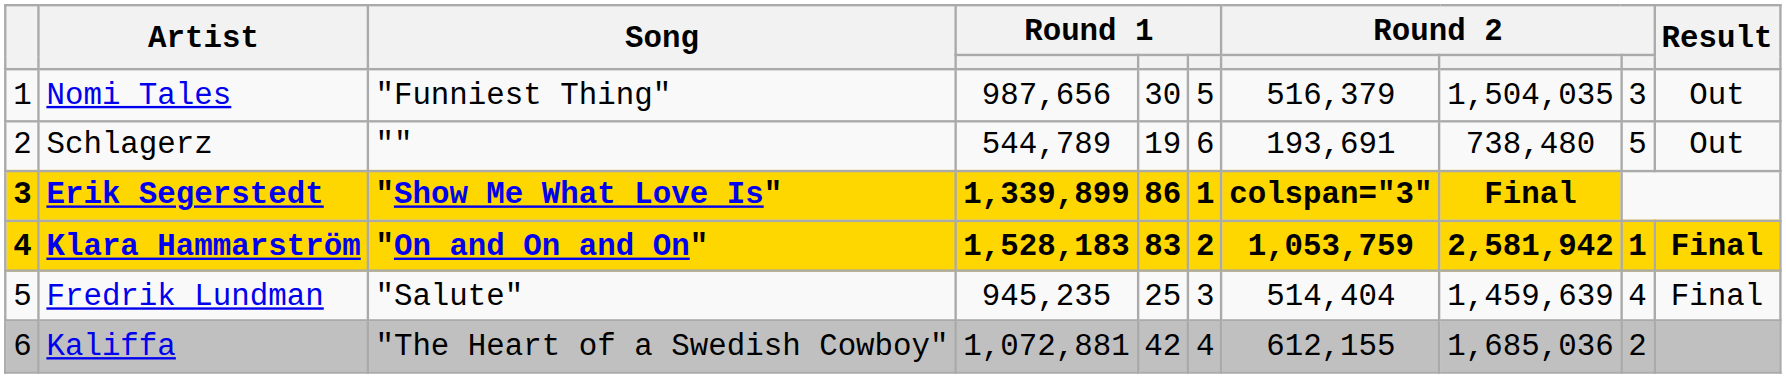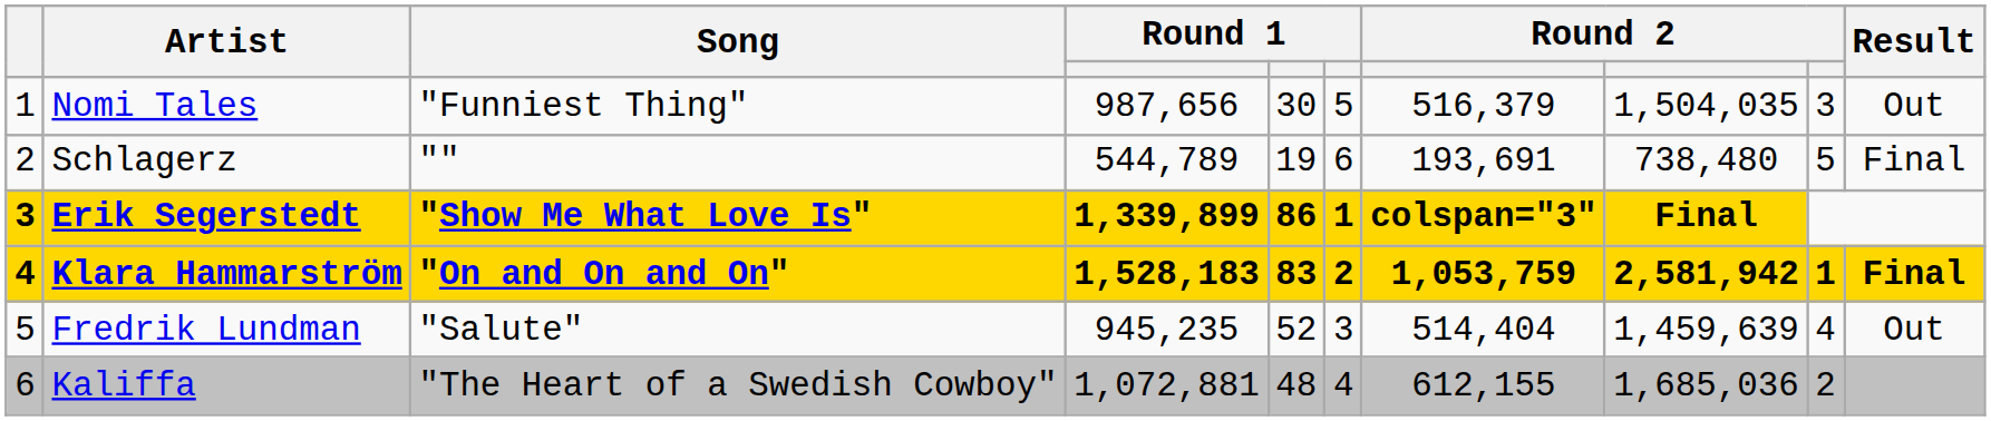 <table class="sortable wikitable" style="margin: 1em auto 1em auto; text-align:center;">
 <tr>
 <th rowspan="2"></th>
 <th rowspan="2">Artist</th>
 <th rowspan="2">Song</th>
 <th colspan="3">Round 1</th>
 <th colspan="3">Round 2</th>
 <th rowspan="2" class="unsortable">Result</th>
 </tr>
 <tr>
 <th></th>
 <th></th>
 <th></th>
 <th></th>
 <th></th>
 <th></th>
 </tr>
 <tr>
 <td>1</td>
 <td align="left"><a href='#'>Nomi Tales</a></td>
 <td align="left">"Funniest Thing"</td>
 <td>987,656</td>
 <td>30</td>
 <td>5</td>
 <td>516,379</td>
 <td>1,504,035</td>
 <td>3</td>
 <td>Out</td>
 </tr>
 <tr>
 <td>2</td>
 <td align="left">Schlagerz</td>
 <td align="left">""</td>
 <td>544,789</td>
 <td>19</td>
 <td>6</td>
 <td>193,691</td>
 <td>738,480</td>
 <td>5</td>
-<td>Out</td>
+<td>Final</td>
 </tr>
 <tr style="background:gold; font-weight:bold;">
 <td>3</td>
 <td align="left"><a href='#'>Erik Segerstedt</a></td>
 <td align="left">"<a href='#'>Show Me What Love Is</a>"</td>
 <td>1,339,899</td>
 <td>86</td>
 <td>1</td>
 <td>colspan="3" </td>
 <td>Final</td>
 </tr>
 <tr style="background:gold; font-weight:bold;">
 <td>4</td>
 <td align="left"><a href='#'>Klara Hammarström</a></td>
 <td align="left">"<a href='#'>On and On and On</a>"</td>
 <td>1,528,183</td>
 <td>83</td>
 <td>2</td>
 <td>1,053,759</td>
 <td>2,581,942</td>
 <td>1</td>
 <td>Final</td>
 </tr>
 <tr>
 <td>5</td>
 <td align="left"><a href='#'>Fredrik Lundman</a></td>
 <td align="left">"Salute"</td>
 <td>945,235</td>
-<td>25</td>
+<td>52</td>
 <td>3</td>
 <td>514,404</td>
 <td>1,459,639</td>
 <td>4</td>
-<td>Final</td>
+<td>Out</td>
 </tr>
 <tr style="background:silver;">
 <td>6</td>
 <td align="left"><a href='#'>Kaliffa</a></td>
 <td align="left">"The Heart of a Swedish Cowboy"</td>
 <td>1,072,881</td>
-<td>42</td>
+<td>48</td>
 <td>4</td>
 <td>612,155</td>
 <td>1,685,036</td>
 <td>2</td>
 <td><strong></strong></td>
 </tr>
 </table>
